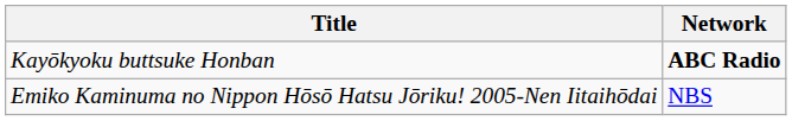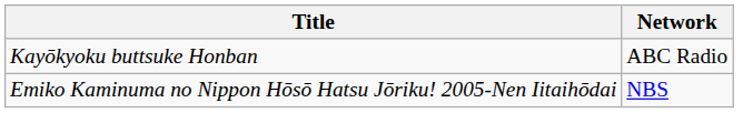 <table class="wikitable">
 <tr>
 <th>Title</th>
 <th>Network</th>
 </tr>
 <tr>
 <td><em>Kayōkyoku buttsuke Honban</em></td>
-<td><strong>ABC Radio</strong></td>
+<td>ABC Radio</td>
 </tr>
 <tr>
 <td><em>Emiko Kaminuma no Nippon Hōsō Hatsu Jōriku! 2005-Nen Iitaihōdai</em></td>
 <td><a href='#'>NBS</a></td>
 </tr>
 </table>
